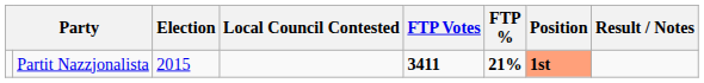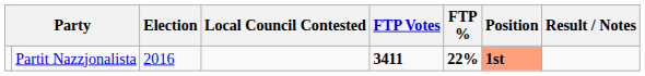 <table class="wikitable">
 <tr>
 <th colspan="2">Party</th>
 <th>Election</th>
 <th>Local Council Contested</th>
 <th><a href='#'>FTP Votes</a></th>
 <th>FTP<br>%</th>
 <th>Position</th>
 <th>Result / Notes</th>
 </tr>
 <tr>
 <td></td>
 <td> <a href='#'>Partit Nazzjonalista</a></td>
-<td><a href='#'>2015</a></td>
+<td><a href='#'>2016</a></td>
 <td></td>
 <td><strong>3411</strong></td>
-<td><strong>21%</strong></td>
+<td><strong>22%</strong></td>
 <td style="background: lightsalmon;"><strong>1st</strong></td>
 <td></td>
 </tr>
 </table>
